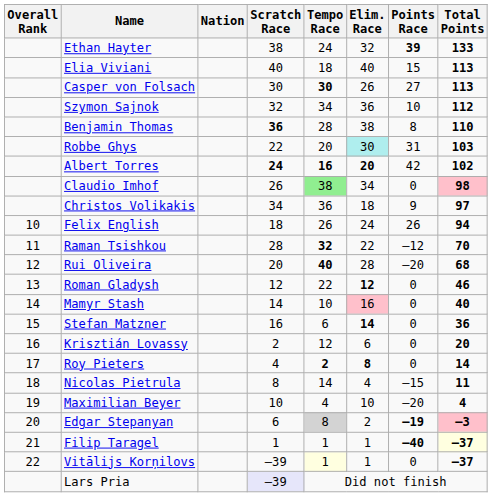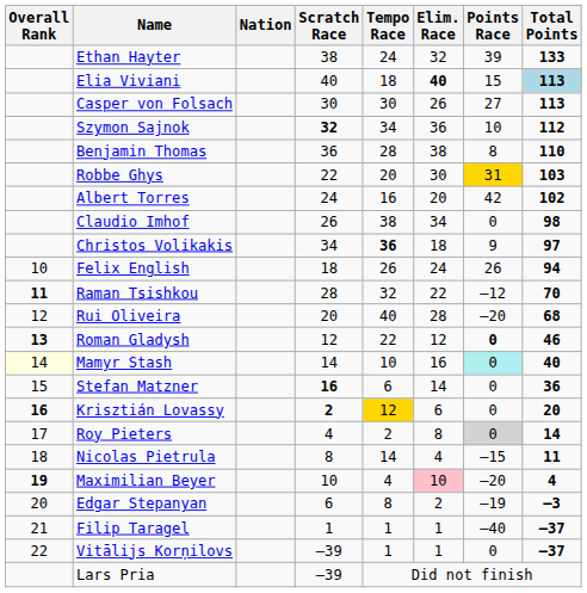 <table class="wikitable sortable" style="text-align:center">
 <tr>
 <th>Overall<br>Rank</th>
 <th>Name</th>
 <th>Nation</th>
 <th>Scratch<br>Race</th>
 <th>Tempo<br>Race</th>
 <th>Elim.<br>Race</th>
 <th>Points<br>Race</th>
 <th>Total<br>Points</th>
 </tr>
 <tr>
 <td></td>
 <td align=left><a href='#'>Ethan Hayter</a></td>
 <td align=left></td>
 <td>38</td>
 <td>24</td>
 <td>32</td>
-<td><strong>39</strong></td>
+<td>39</td>
 <td><strong>133</strong></td>
 </tr>
 <tr>
 <td></td>
 <td align=left><a href='#'>Elia Viviani</a></td>
 <td align=left></td>
 <td>40</td>
 <td>18</td>
-<td>40</td>
+<td><strong>40</strong></td>
 <td>15</td>
-<td><strong>113</strong></td>
+<td style="background: lightblue;"><strong>113</strong></td>
 </tr>
 <tr>
 <td></td>
 <td align=left><a href='#'>Casper von Folsach</a></td>
 <td align=left></td>
 <td>30</td>
-<td><strong>30</strong></td>
+<td>30</td>
 <td>26</td>
 <td>27</td>
 <td><strong>113</strong></td>
 </tr>
 <tr>
 <td></td>
 <td align=left><a href='#'>Szymon Sajnok</a></td>
 <td align=left></td>
-<td>32</td>
+<td><strong>32</strong></td>
 <td>34</td>
 <td>36</td>
 <td>10</td>
 <td><strong>112</strong></td>
 </tr>
 <tr>
 <td></td>
 <td align=left><a href='#'>Benjamin Thomas</a></td>
 <td align=left></td>
-<td><strong>36</strong></td>
+<td>36</td>
 <td>28</td>
 <td>38</td>
 <td>8</td>
 <td><strong>110</strong></td>
 </tr>
 <tr>
 <td></td>
 <td align=left><a href='#'>Robbe Ghys</a></td>
 <td align=left></td>
 <td>22</td>
 <td>20</td>
-<td style="background: paleturquoise;">30</td>
-<td>31</td>
+<td>30</td>
+<td style="background: gold;">31</td>
 <td><strong>103</strong></td>
 </tr>
 <tr>
 <td></td>
 <td align=left><a href='#'>Albert Torres</a></td>
 <td align=left></td>
-<td><strong>24</strong></td>
-<td><strong>16</strong></td>
-<td><strong>20</strong></td>
+<td>24</td>
+<td>16</td>
+<td>20</td>
 <td>42</td>
 <td><strong>102</strong></td>
 </tr>
 <tr>
 <td></td>
 <td align=left><a href='#'>Claudio Imhof</a></td>
 <td align=left></td>
 <td>26</td>
-<td style="background: lightgreen;">38</td>
+<td>38</td>
 <td>34</td>
 <td>0</td>
-<td style="background: pink;"><strong>98</strong></td>
+<td><strong>98</strong></td>
 </tr>
 <tr>
 <td></td>
 <td align=left><a href='#'>Christos Volikakis</a></td>
 <td align=left></td>
 <td>34</td>
-<td>36</td>
+<td><strong>36</strong></td>
 <td>18</td>
 <td>9</td>
 <td><strong>97</strong></td>
 </tr>
 <tr>
 <td>10</td>
 <td align=left><a href='#'>Felix English</a></td>
 <td align=left></td>
 <td>18</td>
 <td>26</td>
 <td>24</td>
 <td>26</td>
 <td><strong>94</strong></td>
 </tr>
 <tr>
-<td>11</td>
+<td><strong>11</strong></td>
 <td align=left><a href='#'>Raman Tsishkou</a></td>
 <td align=left></td>
 <td>28</td>
-<td><strong>32</strong></td>
+<td>32</td>
 <td>22</td>
 <td>–12</td>
 <td><strong>70</strong></td>
 </tr>
 <tr>
 <td>12</td>
 <td align=left><a href='#'>Rui Oliveira</a></td>
 <td align=left></td>
 <td>20</td>
-<td><strong>40</strong></td>
+<td>40</td>
 <td>28</td>
 <td>–20</td>
 <td><strong>68</strong></td>
 </tr>
 <tr>
-<td>13</td>
+<td><strong>13</strong></td>
 <td align=left><a href='#'>Roman Gladysh</a></td>
 <td align=left></td>
 <td>12</td>
 <td>22</td>
-<td><strong>12</strong></td>
-<td>0</td>
+<td>12</td>
+<td><strong>0</strong></td>
 <td><strong>46</strong></td>
 </tr>
 <tr>
-<td>14</td>
+<td style="background: lightyellow;">14</td>
 <td align=left><a href='#'>Mamyr Stash</a></td>
 <td align=left></td>
 <td>14</td>
 <td>10</td>
-<td style="background: pink;">16</td>
-<td>0</td>
+<td>16</td>
+<td style="background: paleturquoise;">0</td>
 <td><strong>40</strong></td>
 </tr>
 <tr>
 <td>15</td>
 <td align=left><a href='#'>Stefan Matzner</a></td>
 <td align=left></td>
-<td>16</td>
+<td><strong>16</strong></td>
 <td>6</td>
-<td><strong>14</strong></td>
+<td>14</td>
 <td>0</td>
 <td><strong>36</strong></td>
 </tr>
 <tr>
-<td>16</td>
+<td><strong>16</strong></td>
 <td align=left><a href='#'>Krisztián Lovassy</a></td>
 <td align=left></td>
-<td>2</td>
-<td>12</td>
+<td><strong>2</strong></td>
+<td style="background: gold;">12</td>
 <td>6</td>
 <td>0</td>
 <td><strong>20</strong></td>
 </tr>
 <tr>
 <td>17</td>
 <td align=left><a href='#'>Roy Pieters</a></td>
 <td align=left></td>
 <td>4</td>
-<td><strong>2</strong></td>
-<td><strong>8</strong></td>
-<td>0</td>
+<td>2</td>
+<td>8</td>
+<td style="background: lightgrey;">0</td>
 <td><strong>14</strong></td>
 </tr>
 <tr>
 <td>18</td>
 <td align=left><a href='#'>Nicolas Pietrula</a></td>
 <td align=left></td>
 <td>8</td>
 <td>14</td>
 <td>4</td>
 <td>–15</td>
 <td><strong>11</strong></td>
 </tr>
 <tr>
-<td>19</td>
+<td><strong>19</strong></td>
 <td align=left><a href='#'>Maximilian Beyer</a></td>
 <td align=left></td>
 <td>10</td>
 <td>4</td>
-<td>10</td>
+<td style="background: pink;">10</td>
 <td>–20</td>
 <td><strong>4</strong></td>
 </tr>
 <tr>
 <td>20</td>
 <td align=left><a href='#'>Edgar Stepanyan</a></td>
 <td align=left></td>
 <td>6</td>
-<td style="background: lightgrey;">8</td>
+<td>8</td>
 <td>2</td>
-<td><strong>–19</strong></td>
-<td style="background: pink;"><strong>–3</strong></td>
+<td>–19</td>
+<td><strong>–3</strong></td>
 </tr>
 <tr>
 <td>21</td>
 <td align=left><a href='#'>Filip Taragel</a></td>
 <td align=left></td>
 <td>1</td>
 <td>1</td>
 <td>1</td>
-<td><strong>–40</strong></td>
-<td style="background: lightyellow;"><strong>–37</strong></td>
+<td>–40</td>
+<td><strong>–37</strong></td>
 </tr>
 <tr>
 <td>22</td>
 <td align=left><a href='#'>Vitālijs Korņilovs</a></td>
 <td align=left></td>
 <td>–39</td>
-<td style="background: lightyellow;">1</td>
+<td>1</td>
 <td>1</td>
 <td>0</td>
 <td><strong>–37</strong></td>
 </tr>
 <tr>
 <td></td>
 <td align=left>Lars Pria</td>
 <td align=left></td>
-<td style="background: lavender;">–39</td>
+<td>–39</td>
 <td colspan=4>Did not finish</td>
 </tr>
 </table>
